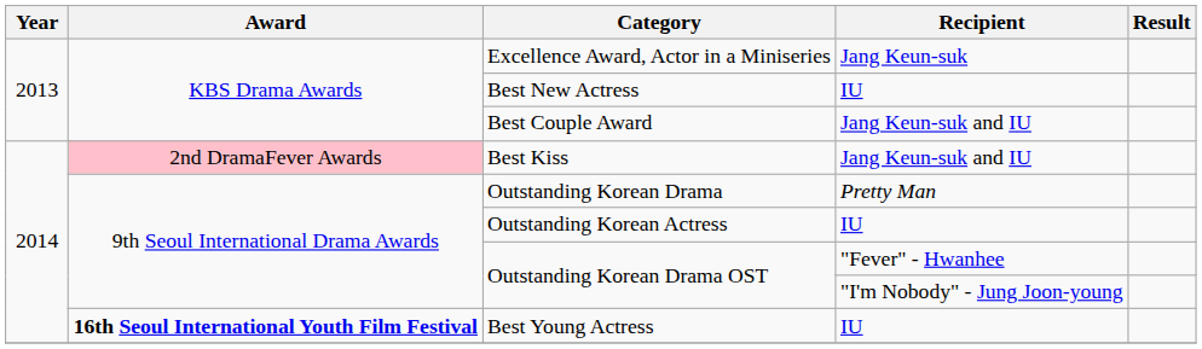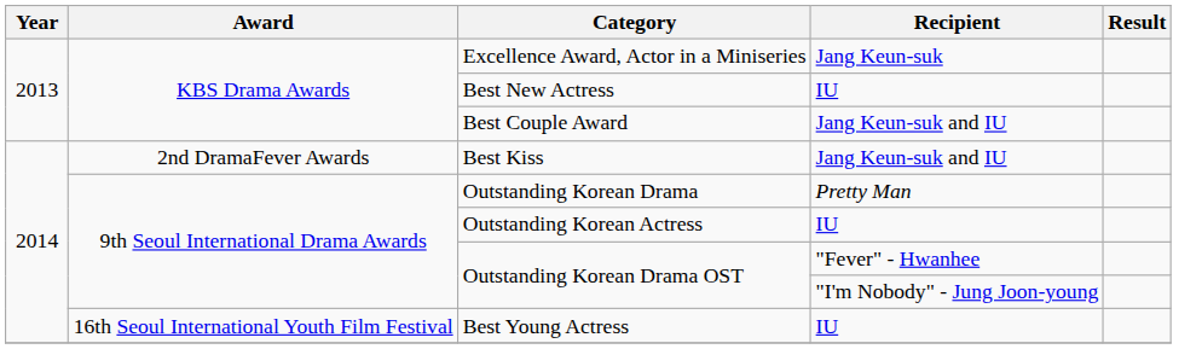 <table class="wikitable">
 <tr>
 <th style="width:40px;">Year</th>
 <th>Award</th>
 <th>Category</th>
 <th>Recipient</th>
 <th>Result</th>
 </tr>
 <tr>
 <td rowspan="3" style="text-align:center;">2013</td>
 <td rowspan="3" style="text-align:center;"><a href='#'>KBS Drama Awards</a></td>
 <td>Excellence Award, Actor in a Miniseries</td>
 <td><a href='#'>Jang Keun-suk</a></td>
 <td></td>
 </tr>
 <tr>
 <td>Best New Actress</td>
 <td><a href='#'>IU</a></td>
 <td></td>
 </tr>
 <tr>
 <td>Best Couple Award</td>
 <td><a href='#'>Jang Keun-suk</a> and <a href='#'>IU</a></td>
 <td></td>
 </tr>
 <tr>
 <td rowspan="6" style="text-align:center;">2014</td>
-<td style="background: pink; text-align:center;">2nd DramaFever Awards</td>
+<td style="text-align:center;">2nd DramaFever Awards</td>
 <td>Best Kiss</td>
 <td><a href='#'>Jang Keun-suk</a> and <a href='#'>IU</a></td>
 <td></td>
 </tr>
 <tr>
 <td rowspan="4" style="text-align:center;">9th <a href='#'>Seoul International Drama Awards</a></td>
 <td>Outstanding Korean Drama</td>
 <td><em>Pretty Man</em></td>
 <td></td>
 </tr>
 <tr>
 <td>Outstanding Korean Actress</td>
 <td><a href='#'>IU</a></td>
 <td></td>
 </tr>
 <tr>
 <td rowspan="2">Outstanding Korean Drama OST</td>
 <td>"Fever" - <a href='#'>Hwanhee</a></td>
 <td></td>
 </tr>
 <tr>
 <td>"I'm Nobody" - <a href='#'>Jung Joon-young</a></td>
 <td></td>
 </tr>
 <tr>
-<td rowspan="1" style="text-align:center;"><strong>16th <a href='#'>Seoul International Youth Film Festival</a></strong></td>
+<td rowspan="1" style="text-align:center;">16th <a href='#'>Seoul International Youth Film Festival</a></td>
 <td>Best Young Actress</td>
 <td><a href='#'>IU</a></td>
 <td></td>
 </tr>
 <tr>
 </tr>
 </table>
